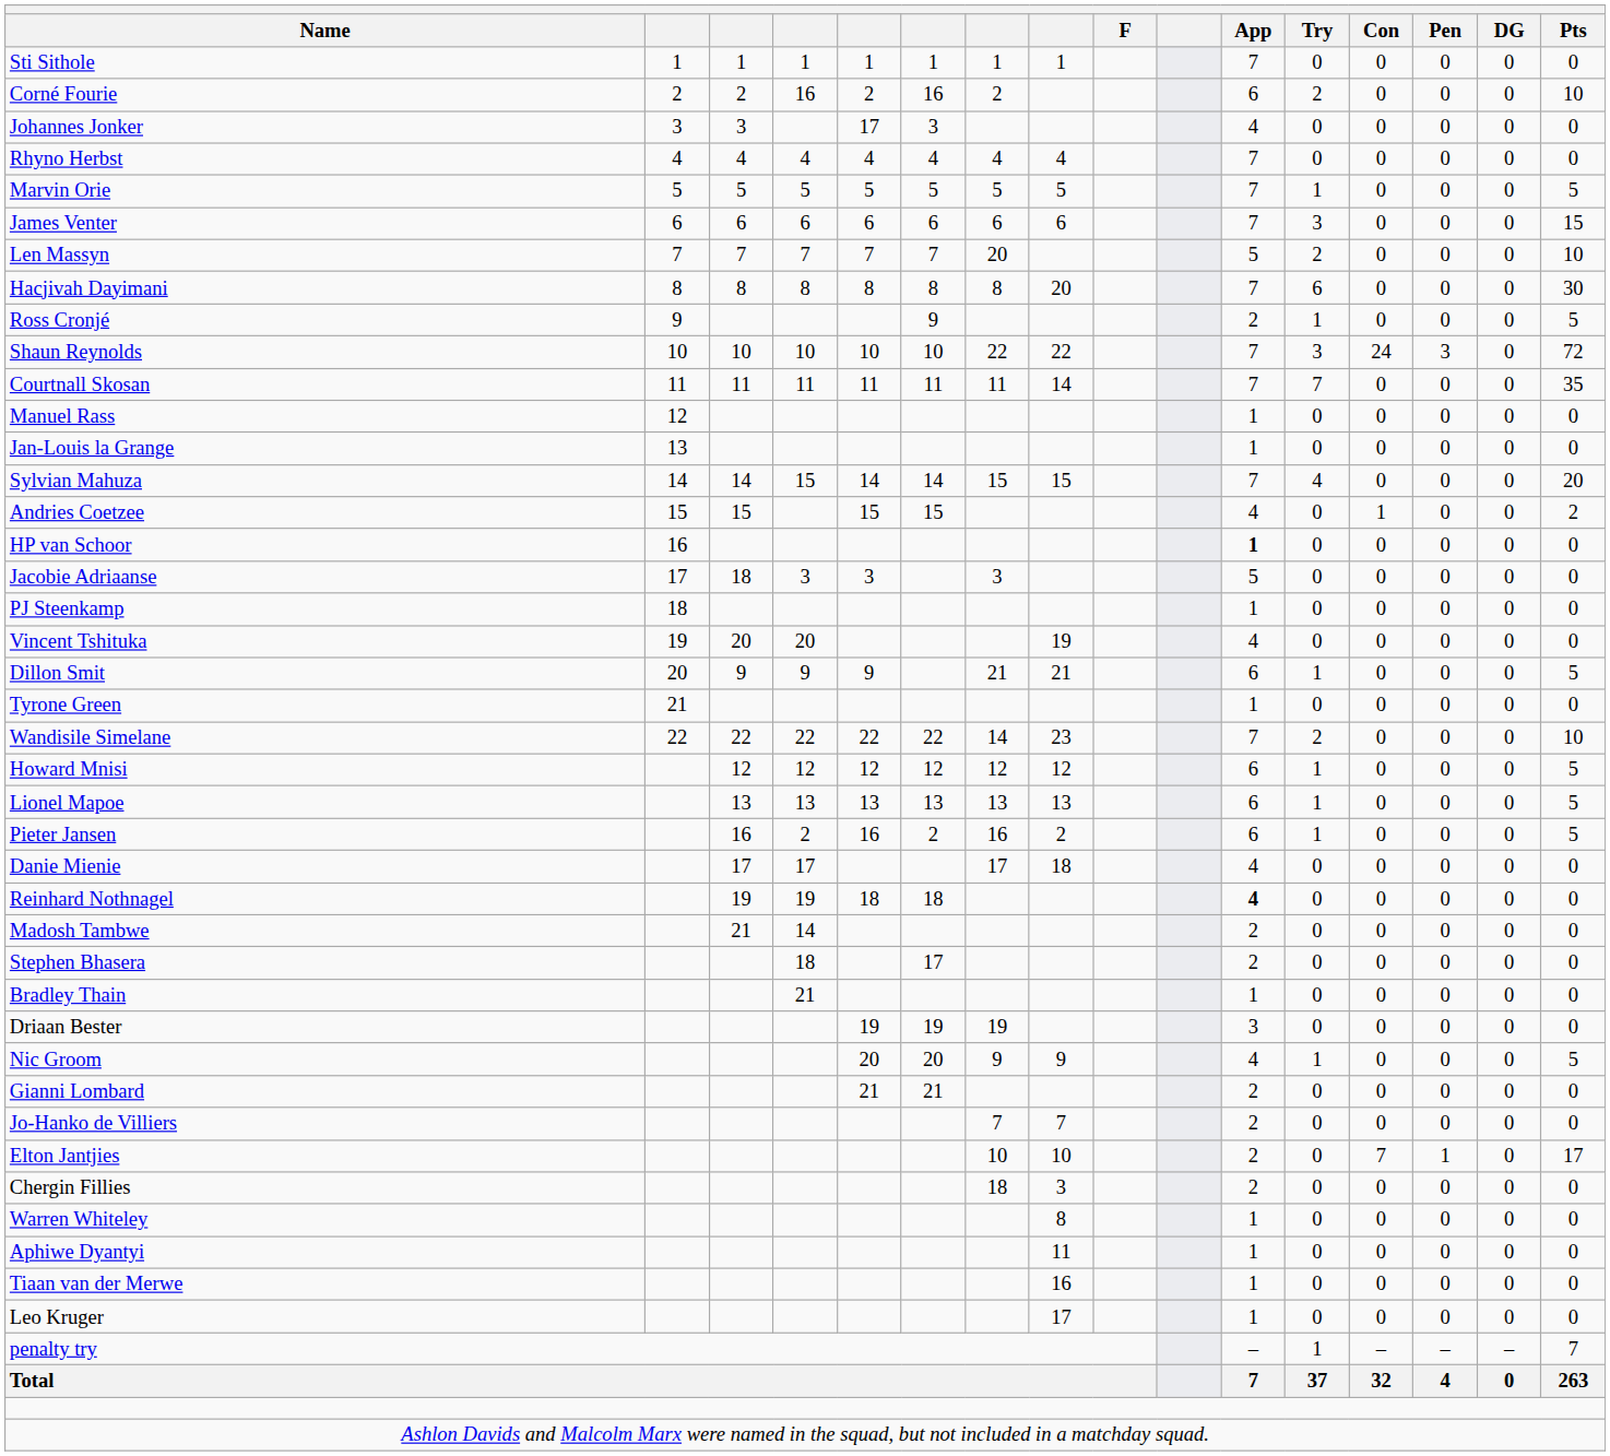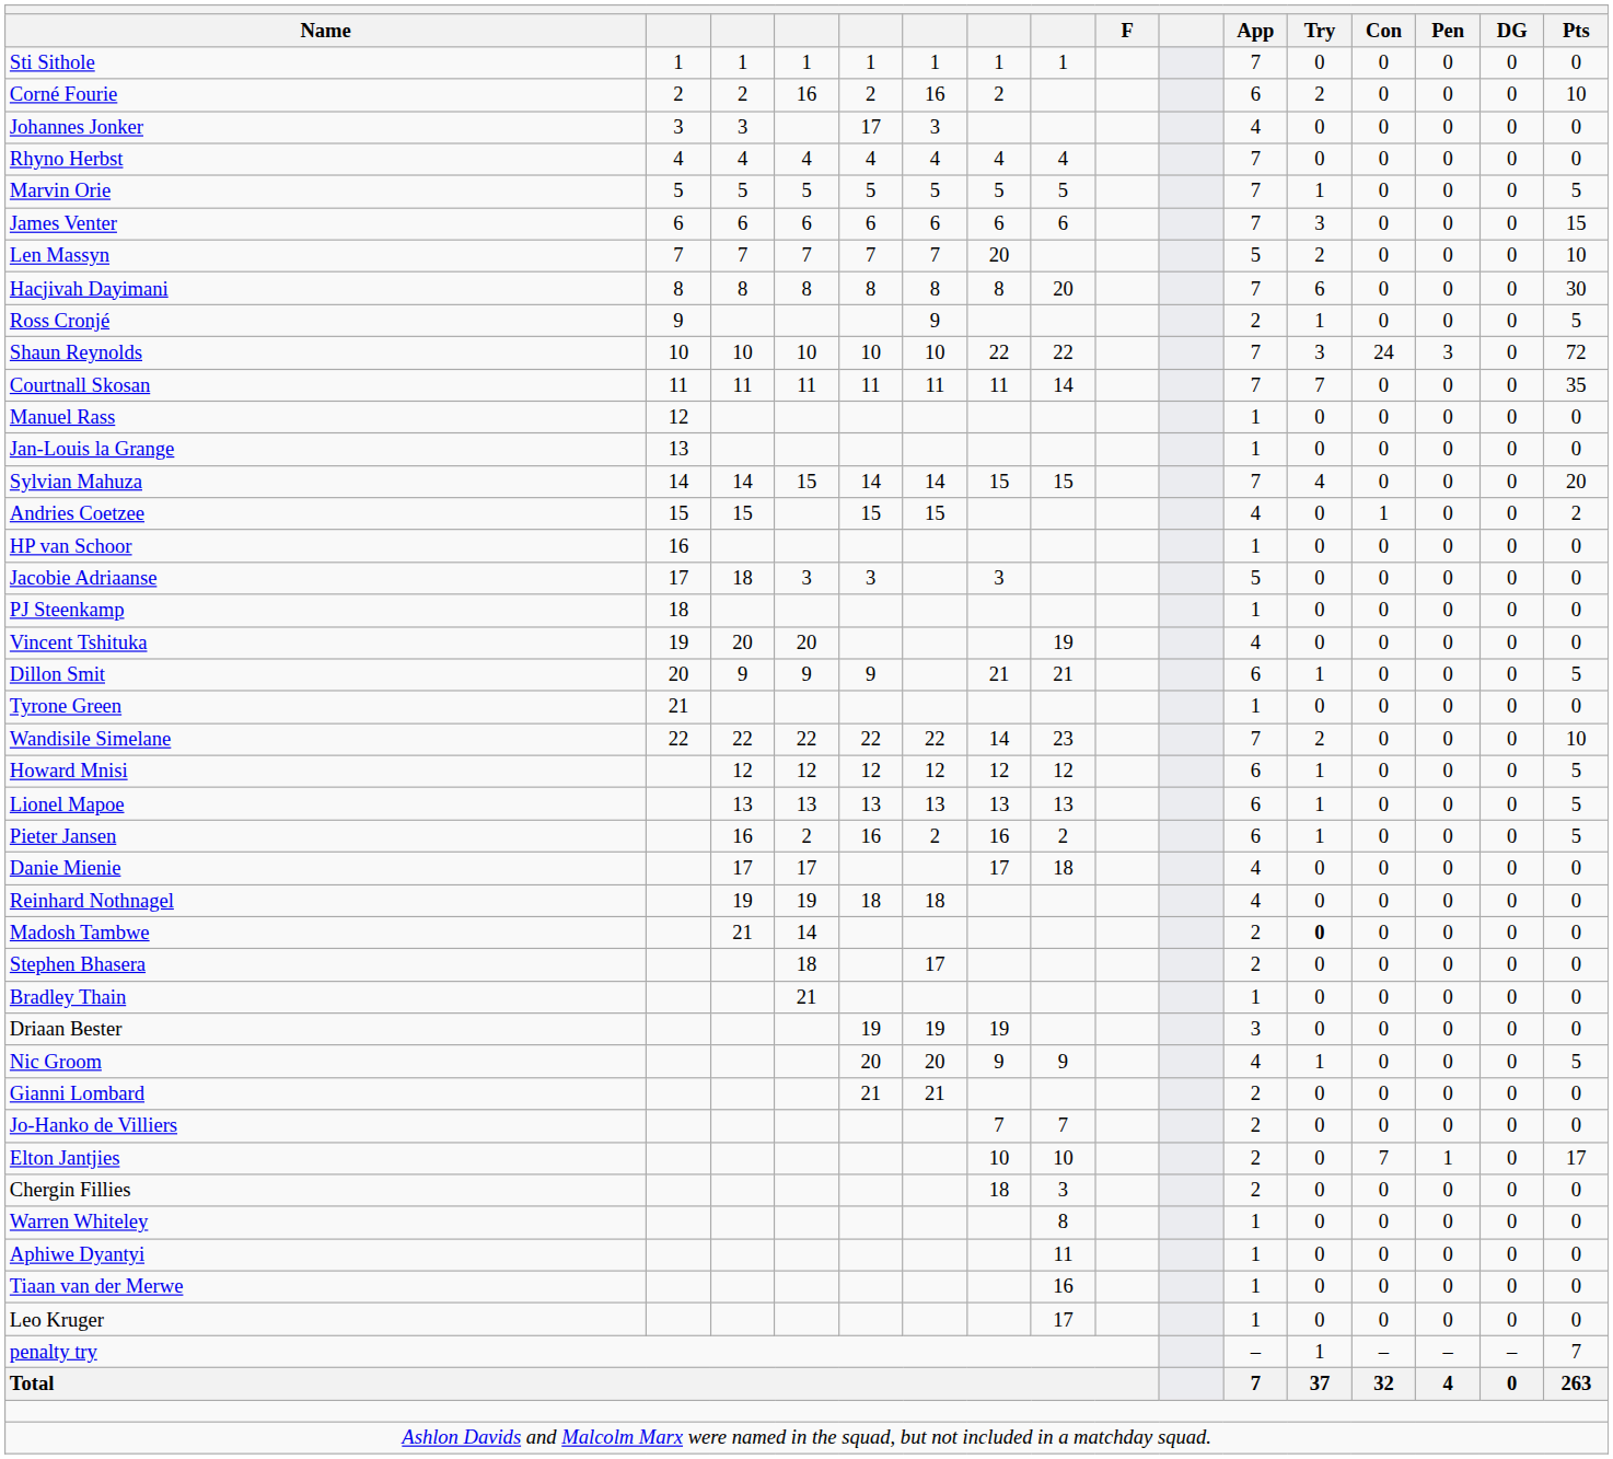 <table class="wikitable collapsible collapsed" style="text-align:center; font-size:100%; width:100%">
 <tr>
 <th colspan=16></th>
 </tr>
 <tr>
 <th style="width:40%;">Name</th>
 <th style="width:4%;"></th>
 <th style="width:4%;"></th>
 <th style="width:4%;"></th>
 <th style="width:4%;"></th>
 <th style="width:4%;"></th>
 <th style="width:4%;"></th>
 <th style="width:4%;"></th>
 <th style="width:4%;">F</th>
 <th style="width:4%;"></th>
 <th style="width:4%;">App</th>
 <th style="width:4%;">Try</th>
 <th style="width:4%;">Con</th>
 <th style="width:4%;">Pen</th>
 <th style="width:4%;">DG</th>
 <th style="width:4%;">Pts</th>
 </tr>
 <tr>
 <td style="text-align:left;"><a href='#'>Sti Sithole</a></td>
 <td>1</td>
 <td>1</td>
 <td>1</td>
 <td>1</td>
 <td>1</td>
 <td>1</td>
 <td>1</td>
 <td></td>
 <td style="background:#EBECF0;"></td>
 <td>7</td>
 <td>0</td>
 <td>0</td>
 <td>0</td>
 <td>0</td>
 <td>0</td>
 </tr>
 <tr>
 <td style="text-align:left;"><a href='#'>Corné Fourie</a></td>
 <td>2</td>
 <td>2</td>
 <td>16 </td>
 <td>2</td>
 <td>16 </td>
 <td>2</td>
 <td></td>
 <td></td>
 <td style="background:#EBECF0;"></td>
 <td>6</td>
 <td>2</td>
 <td>0</td>
 <td>0</td>
 <td>0</td>
 <td>10</td>
 </tr>
 <tr>
 <td style="text-align:left;"><a href='#'>Johannes Jonker</a></td>
 <td>3</td>
 <td>3</td>
 <td></td>
 <td>17 </td>
 <td>3</td>
 <td></td>
 <td></td>
 <td></td>
 <td style="background:#EBECF0;"></td>
 <td>4</td>
 <td>0</td>
 <td>0</td>
 <td>0</td>
 <td>0</td>
 <td>0</td>
 </tr>
 <tr>
 <td style="text-align:left;"><a href='#'>Rhyno Herbst</a></td>
 <td>4</td>
 <td>4</td>
 <td>4</td>
 <td>4</td>
 <td>4</td>
 <td>4</td>
 <td>4</td>
 <td></td>
 <td style="background:#EBECF0;"></td>
 <td>7</td>
 <td>0</td>
 <td>0</td>
 <td>0</td>
 <td>0</td>
 <td>0</td>
 </tr>
 <tr>
 <td style="text-align:left;"><a href='#'>Marvin Orie</a></td>
 <td>5</td>
 <td>5</td>
 <td>5</td>
 <td>5</td>
 <td>5</td>
 <td>5</td>
 <td>5</td>
 <td></td>
 <td style="background:#EBECF0;"></td>
 <td>7</td>
 <td>1</td>
 <td>0</td>
 <td>0</td>
 <td>0</td>
 <td>5</td>
 </tr>
 <tr>
 <td style="text-align:left;"><a href='#'>James Venter</a></td>
 <td>6</td>
 <td>6</td>
 <td>6</td>
 <td>6</td>
 <td>6</td>
 <td>6</td>
 <td>6</td>
 <td></td>
 <td style="background:#EBECF0;"></td>
 <td>7</td>
 <td>3</td>
 <td>0</td>
 <td>0</td>
 <td>0</td>
 <td>15</td>
 </tr>
 <tr>
 <td style="text-align:left;"><a href='#'>Len Massyn</a></td>
 <td>7</td>
 <td>7</td>
 <td>7</td>
 <td>7</td>
 <td>7</td>
 <td>20</td>
 <td></td>
 <td></td>
 <td style="background:#EBECF0;"></td>
 <td>5</td>
 <td>2</td>
 <td>0</td>
 <td>0</td>
 <td>0</td>
 <td>10</td>
 </tr>
 <tr>
 <td style="text-align:left;"><a href='#'>Hacjivah Dayimani</a></td>
 <td>8</td>
 <td>8</td>
 <td>8</td>
 <td>8</td>
 <td>8</td>
 <td>8</td>
 <td>20 </td>
 <td></td>
 <td style="background:#EBECF0;"></td>
 <td>7</td>
 <td>6</td>
 <td>0</td>
 <td>0</td>
 <td>0</td>
 <td>30</td>
 </tr>
 <tr>
 <td style="text-align:left;"><a href='#'>Ross Cronjé</a></td>
 <td>9</td>
 <td></td>
 <td></td>
 <td></td>
 <td>9</td>
 <td></td>
 <td></td>
 <td></td>
 <td style="background:#EBECF0;"></td>
 <td>2</td>
 <td>1</td>
 <td>0</td>
 <td>0</td>
 <td>0</td>
 <td>5</td>
 </tr>
 <tr>
 <td style="text-align:left;"><a href='#'>Shaun Reynolds</a></td>
 <td>10</td>
 <td>10</td>
 <td>10</td>
 <td>10</td>
 <td>10</td>
 <td>22 </td>
 <td>22 </td>
 <td></td>
 <td style="background:#EBECF0;"></td>
 <td>7</td>
 <td>3</td>
 <td>24</td>
 <td>3</td>
 <td>0</td>
 <td>72</td>
 </tr>
 <tr>
 <td style="text-align:left;"><a href='#'>Courtnall Skosan</a></td>
 <td>11</td>
 <td>11</td>
 <td>11</td>
 <td>11</td>
 <td>11</td>
 <td>11</td>
 <td>14</td>
 <td></td>
 <td style="background:#EBECF0;"></td>
 <td>7</td>
 <td>7</td>
 <td>0</td>
 <td>0</td>
 <td>0</td>
 <td>35</td>
 </tr>
 <tr>
 <td style="text-align:left;"><a href='#'>Manuel Rass</a></td>
 <td>12</td>
 <td></td>
 <td></td>
 <td></td>
 <td></td>
 <td></td>
 <td></td>
 <td></td>
 <td style="background:#EBECF0;"></td>
 <td>1</td>
 <td>0</td>
 <td>0</td>
 <td>0</td>
 <td>0</td>
 <td>0</td>
 </tr>
 <tr>
 <td style="text-align:left;"><a href='#'>Jan-Louis la Grange</a></td>
 <td>13</td>
 <td></td>
 <td></td>
 <td></td>
 <td></td>
 <td></td>
 <td></td>
 <td></td>
 <td style="background:#EBECF0;"></td>
 <td>1</td>
 <td>0</td>
 <td>0</td>
 <td>0</td>
 <td>0</td>
 <td>0</td>
 </tr>
 <tr>
 <td style="text-align:left;"><a href='#'>Sylvian Mahuza</a></td>
 <td>14</td>
 <td>14</td>
 <td>15</td>
 <td>14</td>
 <td>14</td>
 <td>15</td>
 <td>15</td>
 <td></td>
 <td style="background:#EBECF0;"></td>
 <td>7</td>
 <td>4</td>
 <td>0</td>
 <td>0</td>
 <td>0</td>
 <td>20</td>
 </tr>
 <tr>
 <td style="text-align:left;"><a href='#'>Andries Coetzee</a></td>
 <td>15</td>
 <td>15</td>
 <td></td>
 <td>15</td>
 <td>15</td>
 <td></td>
 <td></td>
 <td></td>
 <td style="background:#EBECF0;"></td>
 <td>4</td>
 <td>0</td>
 <td>1</td>
 <td>0</td>
 <td>0</td>
 <td>2</td>
 </tr>
 <tr>
 <td style="text-align:left;"><a href='#'>HP van Schoor</a></td>
 <td>16 </td>
 <td></td>
 <td></td>
 <td></td>
 <td></td>
 <td></td>
 <td></td>
 <td></td>
 <td style="background:#EBECF0;"></td>
-<td><strong>1</strong></td>
+<td>1</td>
 <td>0</td>
 <td>0</td>
 <td>0</td>
 <td>0</td>
 <td>0</td>
 </tr>
 <tr>
 <td style="text-align:left;"><a href='#'>Jacobie Adriaanse</a></td>
 <td>17 </td>
 <td>18 </td>
 <td>3</td>
 <td>3</td>
 <td></td>
 <td>3</td>
 <td></td>
 <td></td>
 <td style="background:#EBECF0;"></td>
 <td>5</td>
 <td>0</td>
 <td>0</td>
 <td>0</td>
 <td>0</td>
 <td>0</td>
 </tr>
 <tr>
 <td style="text-align:left;"><a href='#'>PJ Steenkamp</a></td>
 <td>18 </td>
 <td></td>
 <td></td>
 <td></td>
 <td></td>
 <td></td>
 <td></td>
 <td></td>
 <td style="background:#EBECF0;"></td>
 <td>1</td>
 <td>0</td>
 <td>0</td>
 <td>0</td>
 <td>0</td>
 <td>0</td>
 </tr>
 <tr>
 <td style="text-align:left;"><a href='#'>Vincent Tshituka</a></td>
 <td>19 </td>
 <td>20 </td>
 <td>20 </td>
 <td></td>
 <td></td>
 <td></td>
 <td>19 </td>
 <td></td>
 <td style="background:#EBECF0;"></td>
 <td>4</td>
 <td>0</td>
 <td>0</td>
 <td>0</td>
 <td>0</td>
 <td>0</td>
 </tr>
 <tr>
 <td style="text-align:left;"><a href='#'>Dillon Smit</a></td>
 <td>20 </td>
 <td>9</td>
 <td>9</td>
 <td>9</td>
 <td></td>
 <td>21 </td>
 <td>21 </td>
 <td></td>
 <td style="background:#EBECF0;"></td>
 <td>6</td>
 <td>1</td>
 <td>0</td>
 <td>0</td>
 <td>0</td>
 <td>5</td>
 </tr>
 <tr>
 <td style="text-align:left;"><a href='#'>Tyrone Green</a></td>
 <td>21 </td>
 <td></td>
 <td></td>
 <td></td>
 <td></td>
 <td></td>
 <td></td>
 <td></td>
 <td style="background:#EBECF0;"></td>
 <td>1</td>
 <td>0</td>
 <td>0</td>
 <td>0</td>
 <td>0</td>
 <td>0</td>
 </tr>
 <tr>
 <td style="text-align:left;"><a href='#'>Wandisile Simelane</a></td>
 <td>22 </td>
 <td>22 </td>
 <td>22 </td>
 <td>22 </td>
 <td>22 </td>
 <td>14</td>
 <td>23 </td>
 <td></td>
 <td style="background:#EBECF0;"></td>
 <td>7</td>
 <td>2</td>
 <td>0</td>
 <td>0</td>
 <td>0</td>
 <td>10</td>
 </tr>
 <tr>
 <td style="text-align:left;"><a href='#'>Howard Mnisi</a></td>
 <td></td>
 <td>12</td>
 <td>12</td>
 <td>12</td>
 <td>12</td>
 <td>12</td>
 <td>12</td>
 <td></td>
 <td style="background:#EBECF0;"></td>
 <td>6</td>
 <td>1</td>
 <td>0</td>
 <td>0</td>
 <td>0</td>
 <td>5</td>
 </tr>
 <tr>
 <td style="text-align:left;"><a href='#'>Lionel Mapoe</a></td>
 <td></td>
 <td>13</td>
 <td>13</td>
 <td>13</td>
 <td>13</td>
 <td>13</td>
 <td>13</td>
 <td></td>
 <td style="background:#EBECF0;"></td>
 <td>6</td>
 <td>1</td>
 <td>0</td>
 <td>0</td>
 <td>0</td>
 <td>5</td>
 </tr>
 <tr>
 <td style="text-align:left;"><a href='#'>Pieter Jansen</a></td>
 <td></td>
 <td>16 </td>
 <td>2</td>
 <td>16 </td>
 <td>2</td>
 <td>16 </td>
 <td>2</td>
 <td></td>
 <td style="background:#EBECF0;"></td>
 <td>6</td>
 <td>1</td>
 <td>0</td>
 <td>0</td>
 <td>0</td>
 <td>5</td>
 </tr>
 <tr>
 <td style="text-align:left;"><a href='#'>Danie Mienie</a></td>
 <td></td>
 <td>17 </td>
 <td>17 </td>
 <td></td>
 <td></td>
 <td>17 </td>
 <td>18 </td>
 <td></td>
 <td style="background:#EBECF0;"></td>
 <td>4</td>
 <td>0</td>
 <td>0</td>
 <td>0</td>
 <td>0</td>
 <td>0</td>
 </tr>
 <tr>
 <td style="text-align:left;"><a href='#'>Reinhard Nothnagel</a></td>
 <td></td>
 <td>19 </td>
 <td>19 </td>
 <td>18 </td>
 <td>18 </td>
 <td></td>
 <td></td>
 <td></td>
 <td style="background:#EBECF0;"></td>
-<td><strong>4</strong></td>
+<td>4</td>
 <td>0</td>
 <td>0</td>
 <td>0</td>
 <td>0</td>
 <td>0</td>
 </tr>
 <tr>
 <td style="text-align:left;"><a href='#'>Madosh Tambwe</a></td>
 <td></td>
 <td>21 </td>
 <td>14</td>
 <td></td>
 <td></td>
 <td></td>
 <td></td>
 <td></td>
 <td style="background:#EBECF0;"></td>
 <td>2</td>
-<td>0</td>
+<td><strong>0</strong></td>
 <td>0</td>
 <td>0</td>
 <td>0</td>
 <td>0</td>
 </tr>
 <tr>
 <td style="text-align:left;"><a href='#'>Stephen Bhasera</a></td>
 <td></td>
 <td></td>
 <td>18 </td>
 <td></td>
 <td>17 </td>
 <td></td>
 <td></td>
 <td></td>
 <td style="background:#EBECF0;"></td>
 <td>2</td>
 <td>0</td>
 <td>0</td>
 <td>0</td>
 <td>0</td>
 <td>0</td>
 </tr>
 <tr>
 <td style="text-align:left;"><a href='#'>Bradley Thain</a></td>
 <td></td>
 <td></td>
 <td>21 </td>
 <td></td>
 <td></td>
 <td></td>
 <td></td>
 <td></td>
 <td style="background:#EBECF0;"></td>
 <td>1</td>
 <td>0</td>
 <td>0</td>
 <td>0</td>
 <td>0</td>
 <td>0</td>
 </tr>
 <tr>
 <td style="text-align:left;">Driaan Bester</td>
 <td></td>
 <td></td>
 <td></td>
 <td>19 </td>
 <td>19 </td>
 <td>19 </td>
 <td></td>
 <td></td>
 <td style="background:#EBECF0;"></td>
 <td>3</td>
 <td>0</td>
 <td>0</td>
 <td>0</td>
 <td>0</td>
 <td>0</td>
 </tr>
 <tr>
 <td style="text-align:left;"><a href='#'>Nic Groom</a></td>
 <td></td>
 <td></td>
 <td></td>
 <td>20 </td>
 <td>20 </td>
 <td>9</td>
 <td>9</td>
 <td></td>
 <td style="background:#EBECF0;"></td>
 <td>4</td>
 <td>1</td>
 <td>0</td>
 <td>0</td>
 <td>0</td>
 <td>5</td>
 </tr>
 <tr>
 <td style="text-align:left;"><a href='#'>Gianni Lombard</a></td>
 <td></td>
 <td></td>
 <td></td>
 <td>21 </td>
 <td>21 </td>
 <td></td>
 <td></td>
 <td></td>
 <td style="background:#EBECF0;"></td>
 <td>2</td>
 <td>0</td>
 <td>0</td>
 <td>0</td>
 <td>0</td>
 <td>0</td>
 </tr>
 <tr>
 <td style="text-align:left;"><a href='#'>Jo-Hanko de Villiers</a></td>
 <td></td>
 <td></td>
 <td></td>
 <td></td>
 <td></td>
 <td>7</td>
 <td>7</td>
 <td></td>
 <td style="background:#EBECF0;"></td>
 <td>2</td>
 <td>0</td>
 <td>0</td>
 <td>0</td>
 <td>0</td>
 <td>0</td>
 </tr>
 <tr>
 <td style="text-align:left;"><a href='#'>Elton Jantjies</a></td>
 <td></td>
 <td></td>
 <td></td>
 <td></td>
 <td></td>
 <td>10</td>
 <td>10</td>
 <td></td>
 <td style="background:#EBECF0;"></td>
 <td>2</td>
 <td>0</td>
 <td>7</td>
 <td>1</td>
 <td>0</td>
 <td>17</td>
 </tr>
 <tr>
 <td style="text-align:left;">Chergin Fillies</td>
 <td></td>
 <td></td>
 <td></td>
 <td></td>
 <td></td>
 <td>18 </td>
 <td>3</td>
 <td></td>
 <td style="background:#EBECF0;"></td>
 <td>2</td>
 <td>0</td>
 <td>0</td>
 <td>0</td>
 <td>0</td>
 <td>0</td>
 </tr>
 <tr>
 <td style="text-align:left;"><a href='#'>Warren Whiteley</a></td>
 <td></td>
 <td></td>
 <td></td>
 <td></td>
 <td></td>
 <td></td>
 <td>8</td>
 <td></td>
 <td style="background:#EBECF0;"></td>
 <td>1</td>
 <td>0</td>
 <td>0</td>
 <td>0</td>
 <td>0</td>
 <td>0</td>
 </tr>
 <tr>
 <td style="text-align:left;"><a href='#'>Aphiwe Dyantyi</a></td>
 <td></td>
 <td></td>
 <td></td>
 <td></td>
 <td></td>
 <td></td>
 <td>11</td>
 <td></td>
 <td style="background:#EBECF0;"></td>
 <td>1</td>
 <td>0</td>
 <td>0</td>
 <td>0</td>
 <td>0</td>
 <td>0</td>
 </tr>
 <tr>
 <td style="text-align:left;"><a href='#'>Tiaan van der Merwe</a></td>
 <td></td>
 <td></td>
 <td></td>
 <td></td>
 <td></td>
 <td></td>
 <td>16 </td>
 <td></td>
 <td style="background:#EBECF0;"></td>
 <td>1</td>
 <td>0</td>
 <td>0</td>
 <td>0</td>
 <td>0</td>
 <td>0</td>
 </tr>
 <tr>
 <td style="text-align:left;">Leo Kruger</td>
 <td></td>
 <td></td>
 <td></td>
 <td></td>
 <td></td>
 <td></td>
 <td>17 </td>
 <td></td>
 <td style="background:#EBECF0;"></td>
 <td>1</td>
 <td>0</td>
 <td>0</td>
 <td>0</td>
 <td>0</td>
 <td>0</td>
 </tr>
 <tr>
 <td colspan="9" style="text-align:left;"><a href='#'>penalty try</a></td>
 <td style="background:#EBECF0;"></td>
 <td>–</td>
 <td>1</td>
 <td>–</td>
 <td>–</td>
 <td>–</td>
 <td>7</td>
 </tr>
 <tr>
 <th colspan="9" style="text-align:left;">Total</th>
 <th style="background:#EBECF0;"></th>
 <th>7</th>
 <th>37</th>
 <th>32</th>
 <th>4</th>
 <th>0</th>
 <th>263</th>
 </tr>
 <tr class="sortbottom">
 <td colspan=16 style="height: 10px;"></td>
 </tr>
 <tr class="sortbottom">
 <td colspan=16 style="text-align:center;"><em><a href='#'>Ashlon Davids</a> and <a href='#'>Malcolm Marx</a> were named in the squad, but not included in a matchday squad.</em></td>
 </tr>
 </table>
